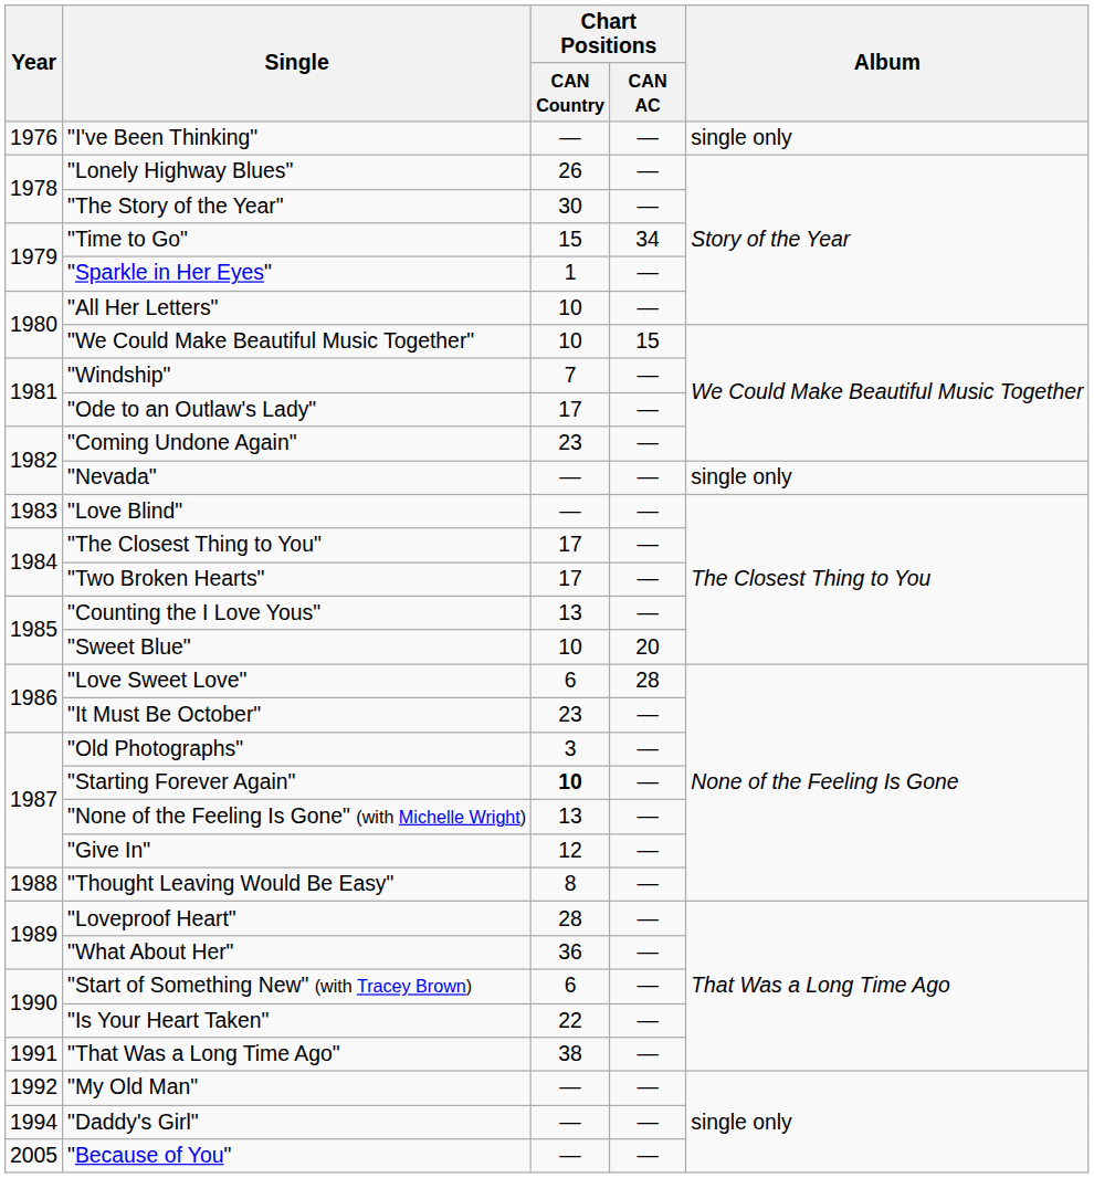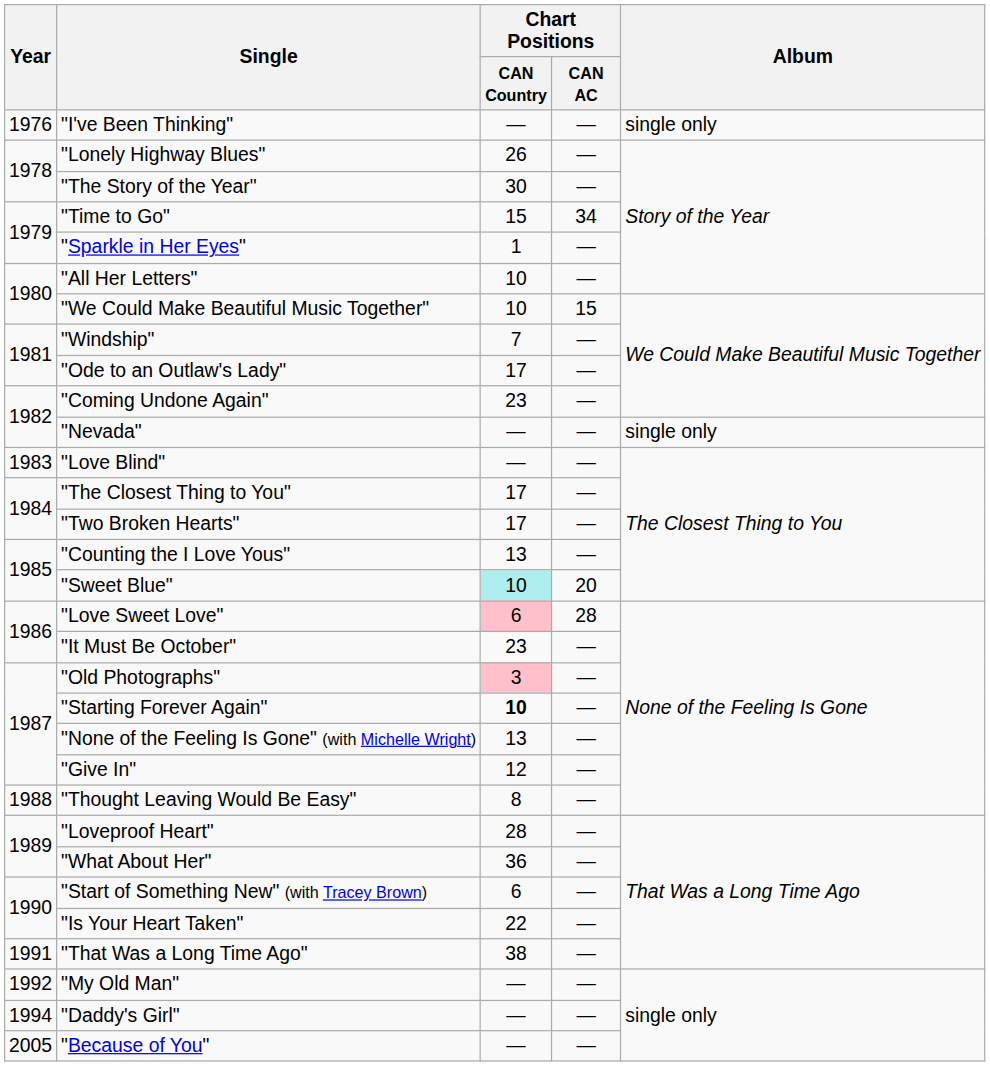 <table class="wikitable">
 <tr>
 <th rowspan="2">Year</th>
 <th rowspan="2">Single</th>
 <th colspan="2">Chart Positions</th>
 <th rowspan="2">Album</th>
 </tr>
 <tr>
 <th width="50"><small>CAN Country</small></th>
 <th width="50"><small>CAN AC</small></th>
 </tr>
 <tr>
 <td>1976</td>
 <td>"I've Been Thinking"</td>
 <td align="center">—</td>
 <td align="center">—</td>
 <td>single only</td>
 </tr>
 <tr>
 <td rowspan="2">1978</td>
 <td>"Lonely Highway Blues"</td>
 <td align="center">26</td>
 <td align="center">—</td>
 <td rowspan="5"><em>Story of the Year</em></td>
 </tr>
 <tr>
 <td>"The Story of the Year"</td>
 <td align="center">30</td>
 <td align="center">—</td>
 </tr>
 <tr>
 <td rowspan="2">1979</td>
 <td>"Time to Go"</td>
 <td align="center">15</td>
 <td align="center">34</td>
 </tr>
 <tr>
 <td>"<a href='#'>Sparkle in Her Eyes</a>"</td>
 <td align="center">1</td>
 <td align="center">—</td>
 </tr>
 <tr>
 <td rowspan="2">1980</td>
 <td>"All Her Letters"</td>
 <td align="center">10</td>
 <td align="center">—</td>
 </tr>
 <tr>
 <td>"We Could Make Beautiful Music Together"</td>
 <td align="center">10</td>
 <td align="center">15</td>
 <td rowspan="4"><em>We Could Make Beautiful Music Together</em></td>
 </tr>
 <tr>
 <td rowspan="2">1981</td>
 <td>"Windship"</td>
 <td align="center">7</td>
 <td align="center">—</td>
 </tr>
 <tr>
 <td>"Ode to an Outlaw's Lady"</td>
 <td align="center">17</td>
 <td align="center">—</td>
 </tr>
 <tr>
 <td rowspan="2">1982</td>
 <td>"Coming Undone Again"</td>
 <td align="center">23</td>
 <td align="center">—</td>
 </tr>
 <tr>
 <td>"Nevada"</td>
 <td align="center">—</td>
 <td align="center">—</td>
 <td>single only</td>
 </tr>
 <tr>
 <td>1983</td>
 <td>"Love Blind"</td>
 <td align="center">—</td>
 <td align="center">—</td>
 <td rowspan="5"><em>The Closest Thing to You</em></td>
 </tr>
 <tr>
 <td rowspan="2">1984</td>
 <td>"The Closest Thing to You"</td>
 <td align="center">17</td>
 <td align="center">—</td>
 </tr>
 <tr>
 <td>"Two Broken Hearts"</td>
 <td align="center">17</td>
 <td align="center">—</td>
 </tr>
 <tr>
 <td rowspan="2">1985</td>
 <td>"Counting the I Love Yous"</td>
 <td align="center">13</td>
 <td align="center">—</td>
 </tr>
 <tr>
 <td>"Sweet Blue"</td>
-<td align="center">10</td>
+<td align="center" style="background: paleturquoise;">10</td>
 <td align="center">20</td>
 </tr>
 <tr>
 <td rowspan="2">1986</td>
 <td>"Love Sweet Love"</td>
-<td align="center">6</td>
+<td align="center" style="background: pink;">6</td>
 <td align="center">28</td>
 <td rowspan="7"><em>None of the Feeling Is Gone</em></td>
 </tr>
 <tr>
 <td>"It Must Be October"</td>
 <td align="center">23</td>
 <td align="center">—</td>
 </tr>
 <tr>
 <td rowspan="4">1987</td>
 <td>"Old Photographs"</td>
-<td align="center">3</td>
+<td align="center" style="background: pink;">3</td>
 <td align="center">—</td>
 </tr>
 <tr>
 <td>"Starting Forever Again"</td>
 <td align="center"><strong>10</strong></td>
 <td align="center">—</td>
 </tr>
 <tr>
 <td>"None of the Feeling Is Gone" <small>(with <a href='#'>Michelle Wright</a>)</small></td>
 <td align="center">13</td>
 <td align="center">—</td>
 </tr>
 <tr>
 <td>"Give In"</td>
 <td align="center">12</td>
 <td align="center">—</td>
 </tr>
 <tr>
 <td>1988</td>
 <td>"Thought Leaving Would Be Easy"</td>
 <td align="center">8</td>
 <td align="center">—</td>
 </tr>
 <tr>
 <td rowspan="2">1989</td>
 <td>"Loveproof Heart"</td>
 <td align="center">28</td>
 <td align="center">—</td>
 <td rowspan="5"><em>That Was a Long Time Ago</em></td>
 </tr>
 <tr>
 <td>"What About Her"</td>
 <td align="center">36</td>
 <td align="center">—</td>
 </tr>
 <tr>
 <td rowspan="2">1990</td>
 <td>"Start of Something New" <small>(with <a href='#'>Tracey Brown</a>)</small></td>
 <td align="center">6</td>
 <td align="center">—</td>
 </tr>
 <tr>
 <td>"Is Your Heart Taken"</td>
 <td align="center">22</td>
 <td align="center">—</td>
 </tr>
 <tr>
 <td>1991</td>
 <td>"That Was a Long Time Ago"</td>
 <td align="center">38</td>
 <td align="center">—</td>
 </tr>
 <tr>
 <td>1992</td>
 <td>"My Old Man"</td>
 <td align="center">—</td>
 <td align="center">—</td>
 <td rowspan="3">single only</td>
 </tr>
 <tr>
 <td>1994</td>
 <td>"Daddy's Girl"</td>
 <td align="center">—</td>
 <td align="center">—</td>
 </tr>
 <tr>
 <td>2005</td>
 <td>"<a href='#'>Because of You</a>"</td>
 <td align="center">—</td>
 <td align="center">—</td>
 </tr>
 </table>
